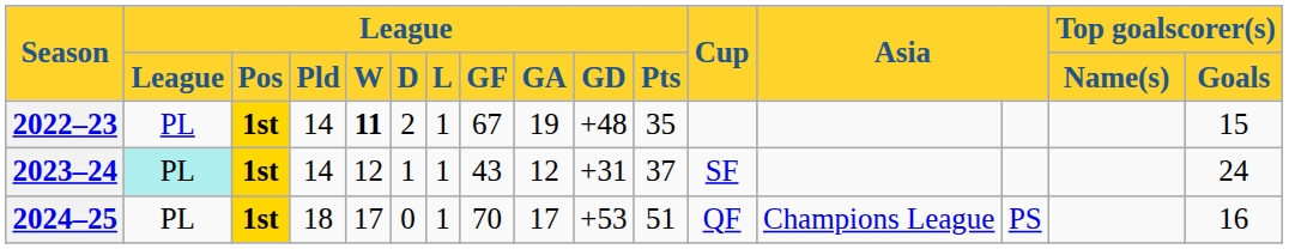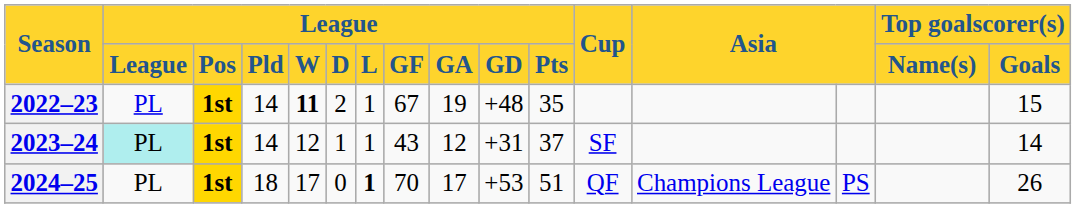 <table class="wikitable" style="text-align:center">
 <tr>
 <th rowspan=2; style="background:#fed42c; color:#22558c">Season</th>
 <th colspan=10; style="background:#fed42c; color:#22558c">League</th>
 <th rowspan=2; style="background:#fed42c; color:#22558c">Cup</th>
 <th rowspan=2 colspan=2 style="background:#fed42c; color:#22558c">Asia</th>
 <th colspan=2; style="background:#fed42c; color:#22558c">Top goalscorer(s)</th>
 </tr>
 <tr>
 <th style="background:#fed42c; color:#22558c">League</th>
 <th style="background:#fed42c; color:#22558c">Pos</th>
 <th style="background:#fed42c; color:#22558c">Pld</th>
 <th style="background:#fed42c; color:#22558c">W</th>
 <th style="background:#fed42c; color:#22558c">D</th>
 <th style="background:#fed42c; color:#22558c">L</th>
 <th style="background:#fed42c; color:#22558c">GF</th>
 <th style="background:#fed42c; color:#22558c">GA</th>
 <th style="background:#fed42c; color:#22558c">GD</th>
 <th style="background:#fed42c; color:#22558c">Pts</th>
 <th style="background:#fed42c; color:#22558c">Name(s)</th>
 <th style="background:#fed42c; color:#22558c">Goals</th>
 </tr>
 <tr>
 <th><a href='#'>2022–23</a></th>
 <td><a href='#'>PL</a></td>
 <td bgcolor=gold><strong>1st</strong></td>
 <td>14</td>
 <td><strong>11</strong></td>
 <td>2</td>
 <td>1</td>
 <td>67</td>
 <td>19</td>
 <td>+48</td>
 <td>35</td>
 <td></td>
 <td></td>
 <td></td>
 <td></td>
 <td>15</td>
 </tr>
 <tr>
 <th><a href='#'>2023–24</a></th>
 <td style="background: paleturquoise;">PL</td>
 <td bgcolor=gold><strong>1st</strong></td>
 <td>14</td>
 <td>12</td>
 <td>1</td>
 <td>1</td>
 <td>43</td>
 <td>12</td>
 <td>+31</td>
 <td>37</td>
 <td><a href='#'>SF</a></td>
 <td></td>
 <td></td>
 <td><br></td>
-<td>24</td>
+<td>14</td>
 </tr>
 <tr>
 <th><a href='#'>2024–25</a></th>
 <td>PL</td>
 <td bgcolor=gold><strong>1st</strong></td>
 <td>18</td>
 <td>17</td>
 <td>0</td>
-<td>1</td>
+<td><strong>1</strong></td>
 <td>70</td>
 <td>17</td>
 <td>+53</td>
 <td>51</td>
 <td><a href='#'>QF</a></td>
 <td><a href='#'>Champions League</a></td>
 <td><a href='#'>PS</a></td>
 <td></td>
-<td>16</td>
+<td>26</td>
 </tr>
 </table>
